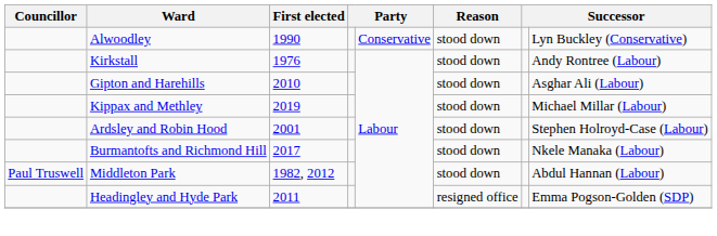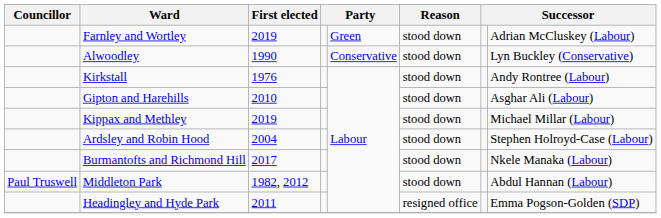 <table class="wikitable sortable" style="font-size:95%;">
 <tr>
 <th scope="col">Councillor</th>
 <th scope="col">Ward</th>
 <th scope="col">First elected</th>
 <th colspan="2" scope="col">Party</th>
 <th scope="col">Reason</th>
 <th colspan="2" scope="col">Successor</th>
+</tr>
+<tr>
+<td></td>
+<td><a href='#'>Farnley and Wortley</a></td>
+<td><a href='#'>2019</a></td>
+<td width="1" style="color:inherit;background:"></td>
+<td><a href='#'>Green</a></td>
+<td>stood down</td>
+<td width="1" style="color:inherit;background:"></td>
+<td>Adrian McCluskey (<a href='#'>Labour</a>)</td>
 </tr>
 <tr>
 <td></td>
 <td><a href='#'>Alwoodley</a></td>
 <td><a href='#'>1990</a></td>
 <td width="1" style="color:inherit;background:"></td>
 <td><a href='#'>Conservative</a></td>
 <td>stood down</td>
 <td width="1" style="color:inherit;background:"></td>
 <td>Lyn Buckley (<a href='#'>Conservative</a>)</td>
 </tr>
 <tr>
 <td><br></td>
 <td><a href='#'>Kirkstall</a></td>
 <td><a href='#'>1976</a></td>
 <td width="1" style="color:inherit;background:"></td>
 <td rowspan="7"><a href='#'>Labour</a></td>
 <td>stood down</td>
 <td width="1" style="color:inherit;background:"></td>
 <td>Andy Rontree (<a href='#'>Labour</a>)</td>
 </tr>
 <tr>
 <td></td>
 <td><a href='#'>Gipton and Harehills</a></td>
 <td><a href='#'>2010</a></td>
 <td width="1" style="color:inherit;background:"></td>
 <td>stood down</td>
 <td width="1" style="color:inherit;background:"></td>
 <td>Asghar Ali (<a href='#'>Labour</a>)</td>
 </tr>
 <tr>
 <td></td>
 <td><a href='#'>Kippax and Methley</a></td>
 <td><a href='#'>2019</a></td>
 <td width="1" style="color:inherit;background:"></td>
 <td>stood down</td>
 <td width="1" style="color:inherit;background:"></td>
 <td>Michael Millar (<a href='#'>Labour</a>)</td>
 </tr>
 <tr>
 <td></td>
 <td><a href='#'>Ardsley and Robin Hood</a></td>
-<td><a href='#'>2001</a></td>
+<td><a href='#'>2004</a></td>
 <td width="1" style="color:inherit;background:"></td>
 <td>stood down</td>
 <td width="1" style="color:inherit;background:"></td>
 <td>Stephen Holroyd-Case (<a href='#'>Labour</a>)</td>
 </tr>
 <tr>
 <td></td>
 <td><a href='#'>Burmantofts and Richmond Hill</a></td>
 <td><a href='#'>2017</a></td>
 <td width="1" style="color:inherit;background:"></td>
 <td>stood down</td>
 <td width="1" style="color:inherit;background:"></td>
 <td>Nkele Manaka (<a href='#'>Labour</a>)</td>
 </tr>
 <tr>
 <td><a href='#'>Paul Truswell</a></td>
 <td><a href='#'>Middleton Park</a></td>
 <td><a href='#'>1982</a>, <a href='#'>2012</a></td>
 <td width="1" style="color:inherit;background:"></td>
 <td>stood down</td>
 <td width="1" style="color:inherit;background:"></td>
 <td>Abdul Hannan (<a href='#'>Labour</a>)</td>
 </tr>
 <tr>
 <td></td>
 <td><a href='#'>Headingley and Hyde Park</a></td>
 <td><a href='#'>2011</a></td>
 <td width="1" style="color:inherit;background:"></td>
 <td>resigned office</td>
 <td width="1" style="color:inherit;background:"></td>
 <td>Emma Pogson-Golden (<a href='#'>SDP</a>)</td>
 </tr>
 <tr>
 </tr>
 </table>
